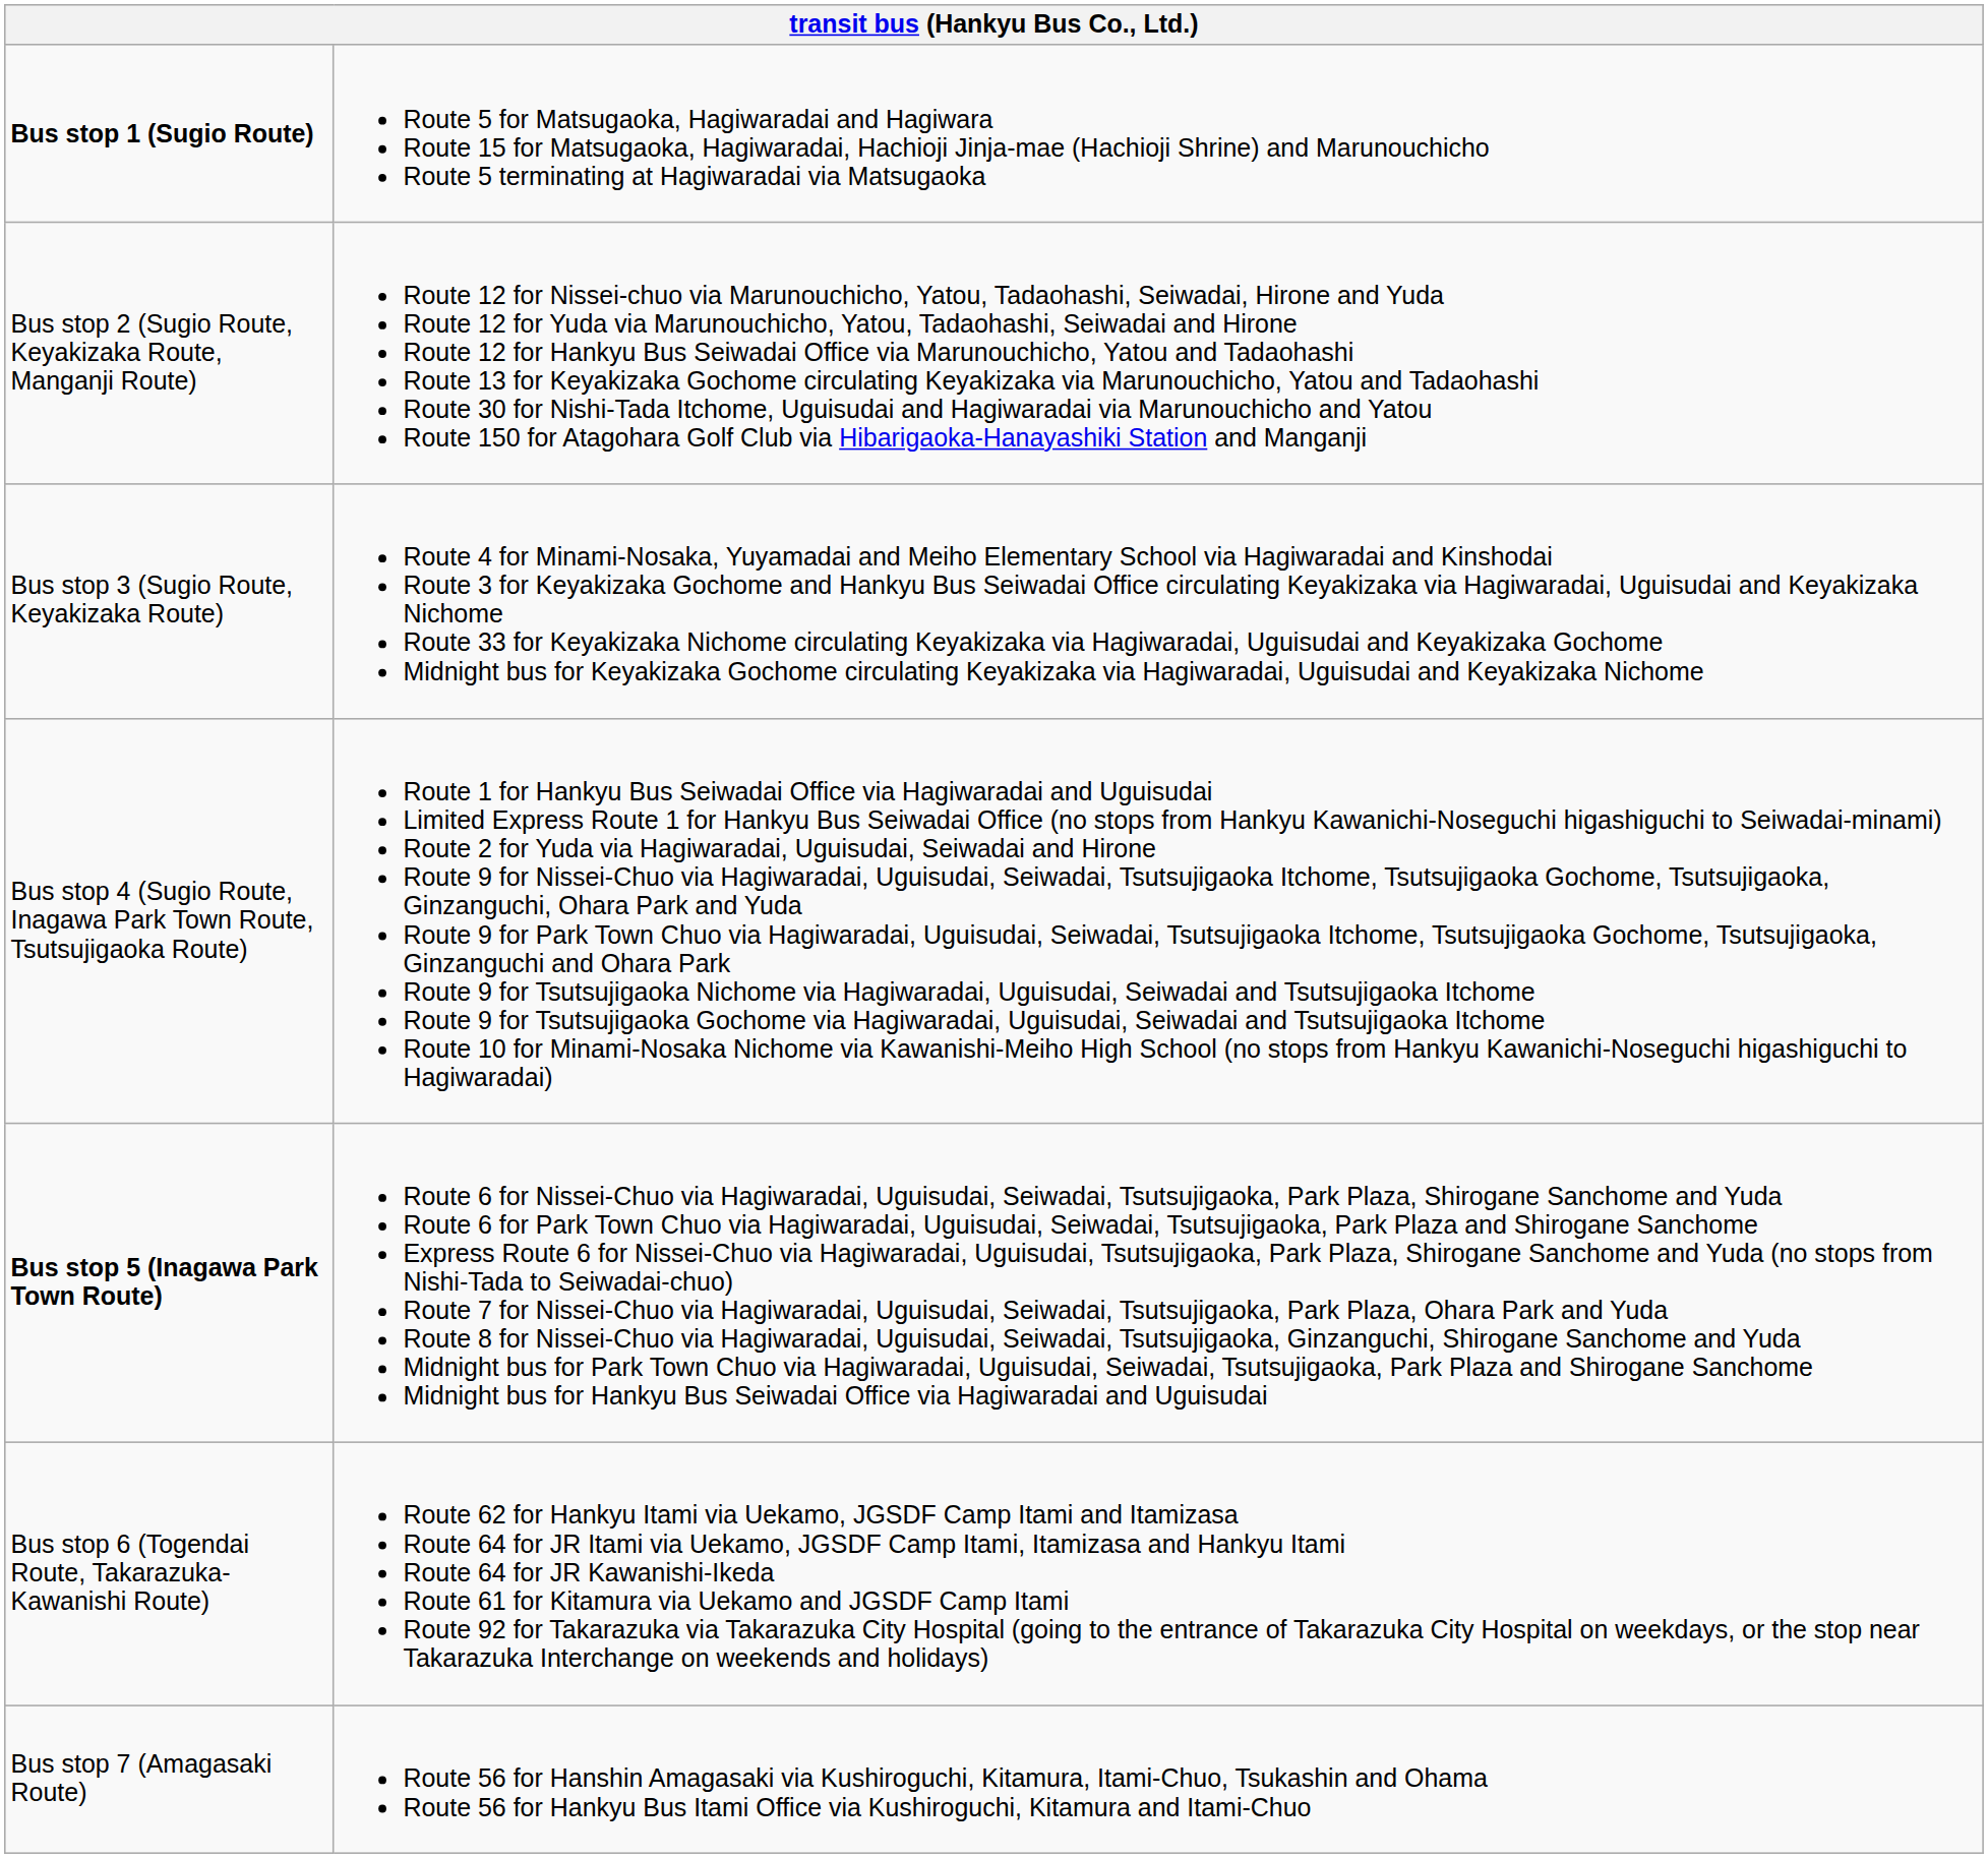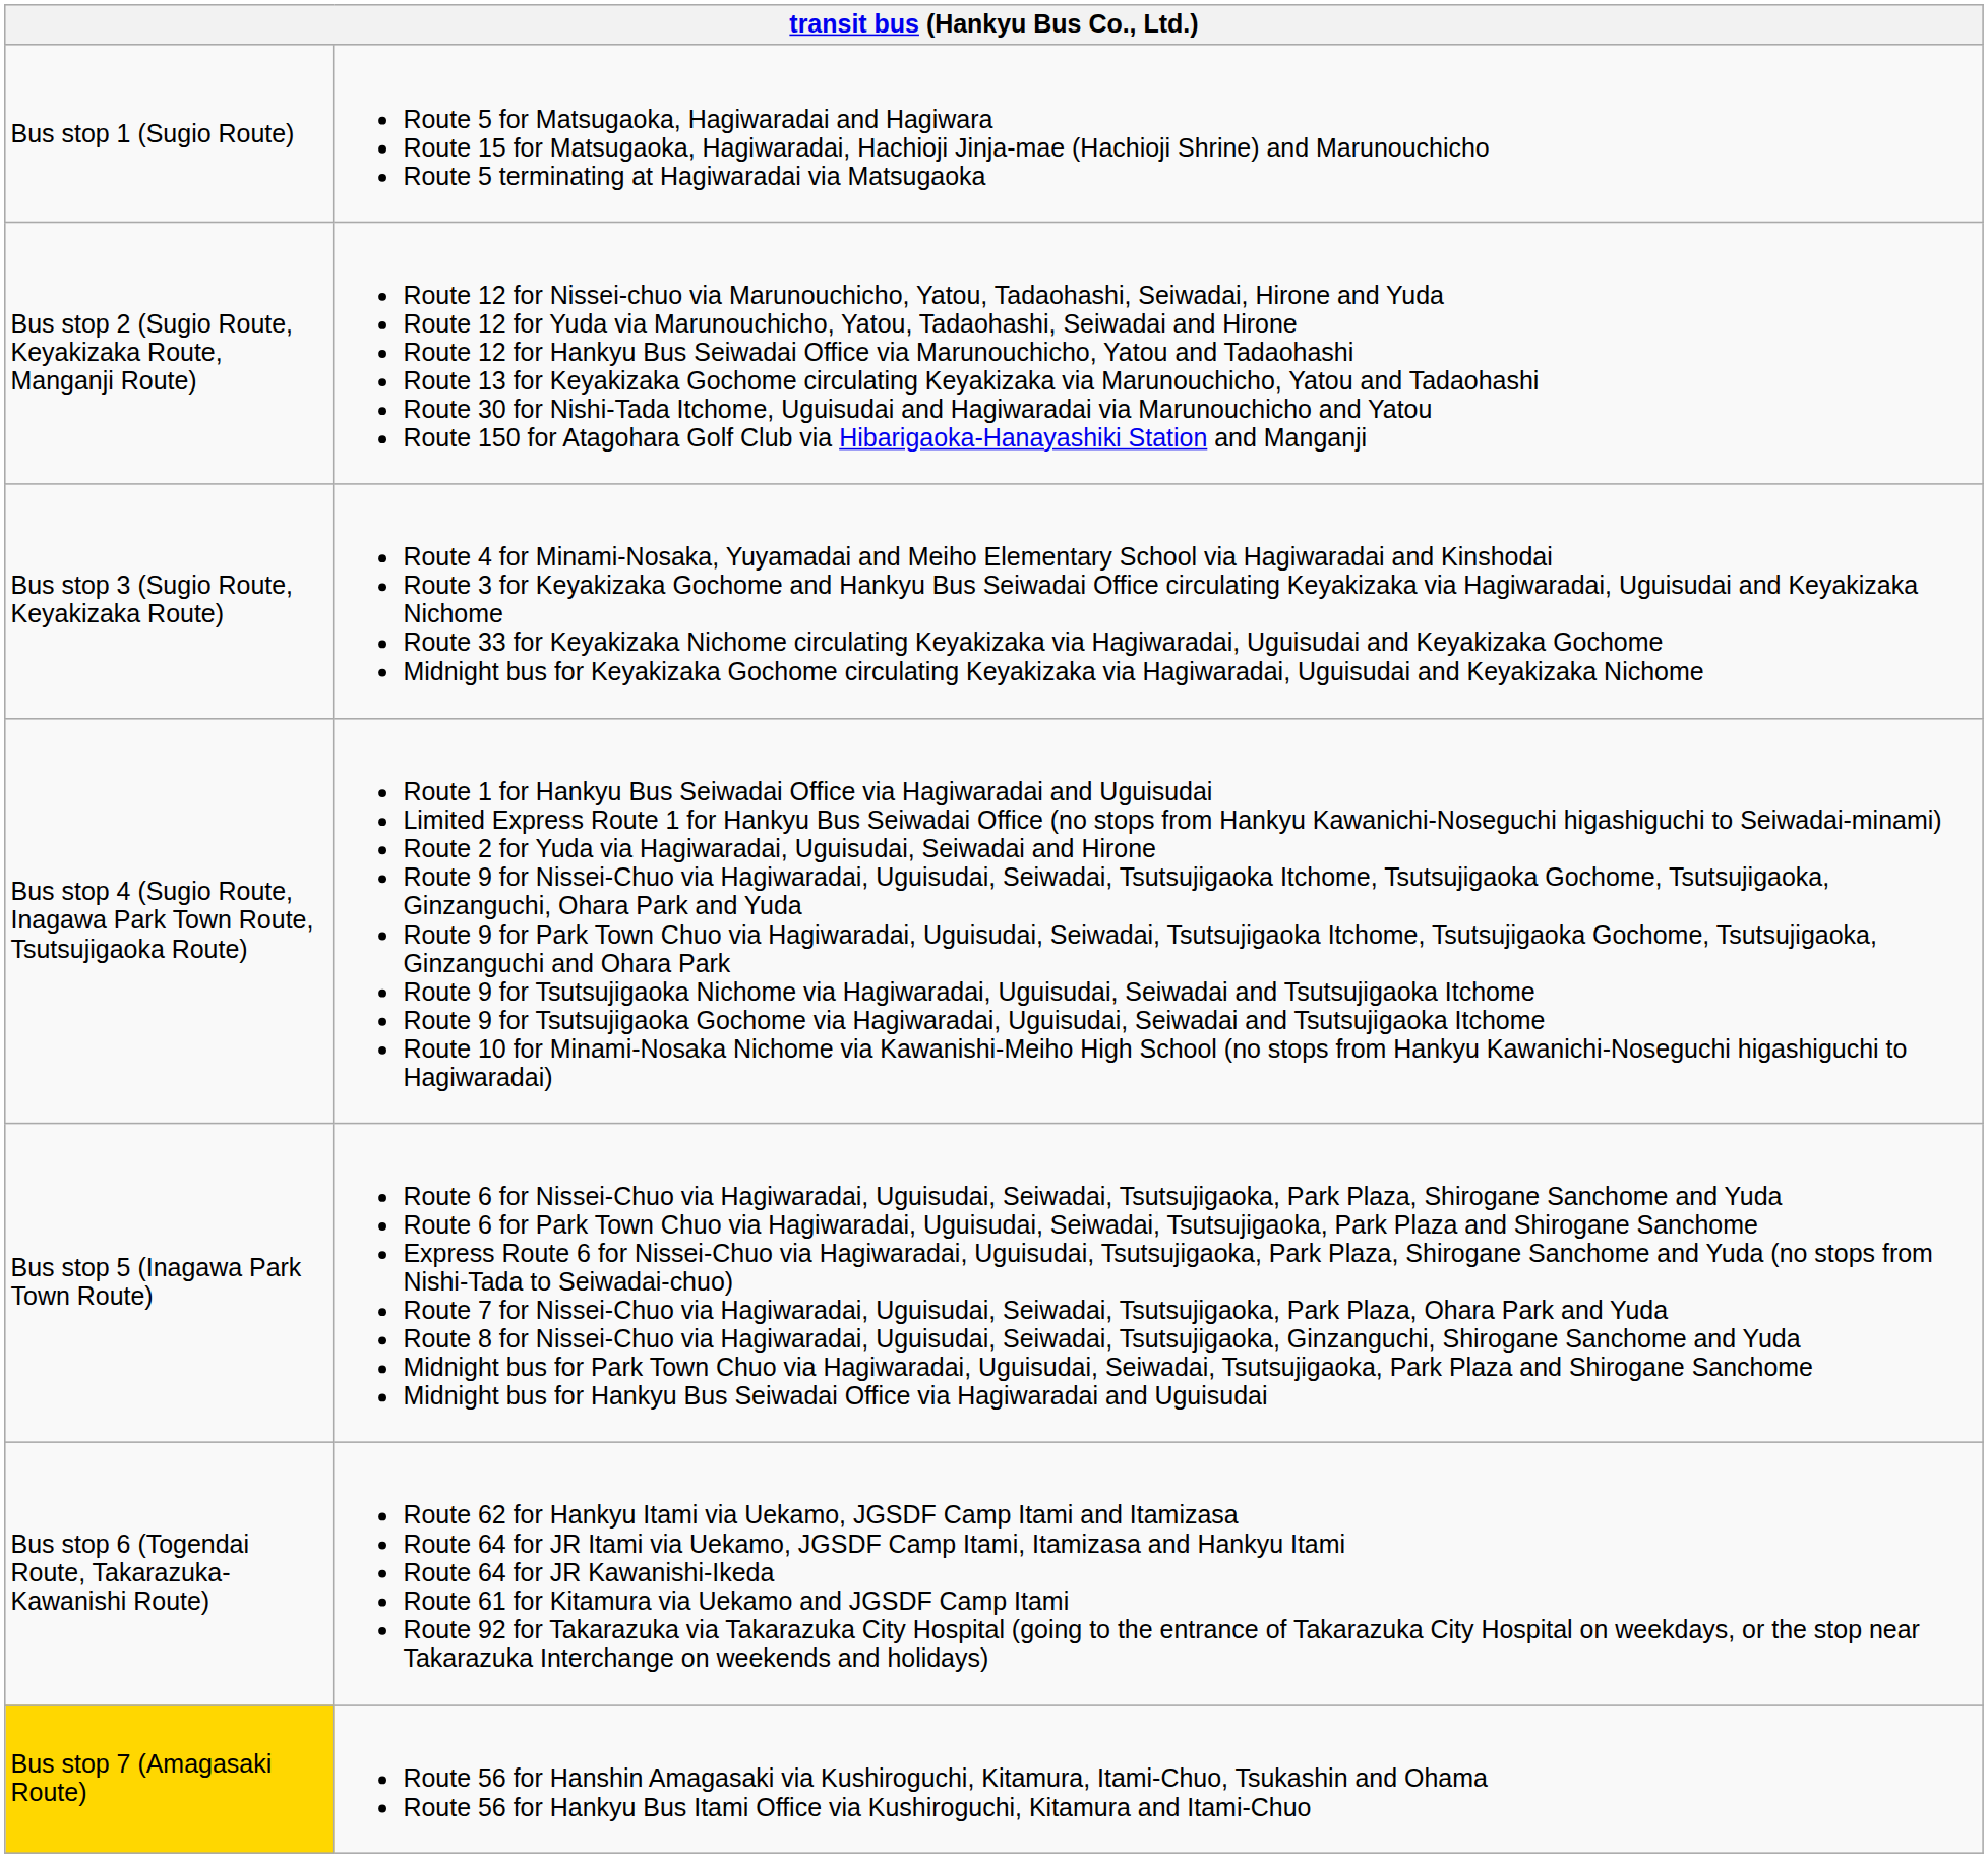 <table border=1 class=wikitable>
 <tr>
 <th colspan=2><a href='#'>transit bus</a> (Hankyu Bus Co., Ltd.)</th>
 </tr>
 <tr>
-<td width="200px"><strong>Bus stop 1 (Sugio Route)</strong></td>
+<td width="200px">Bus stop 1 (Sugio Route)</td>
 <td><br><ul><li>Route 5 for Matsugaoka, Hagiwaradai and Hagiwara</li><li>Route 15 for Matsugaoka, Hagiwaradai, Hachioji Jinja-mae (Hachioji Shrine) and Marunouchicho</li><li>Route 5 terminating at Hagiwaradai via Matsugaoka</li></ul></td>
 </tr>
 <tr>
 <td width="200px">Bus stop 2 (Sugio Route, Keyakizaka Route, Manganji Route)</td>
 <td><br><ul><li>Route 12 for Nissei-chuo via Marunouchicho, Yatou, Tadaohashi, Seiwadai, Hirone and Yuda</li><li>Route 12 for Yuda via Marunouchicho, Yatou, Tadaohashi, Seiwadai and Hirone</li><li>Route 12 for Hankyu Bus Seiwadai Office via Marunouchicho, Yatou and Tadaohashi</li><li>Route 13 for Keyakizaka Gochome circulating Keyakizaka via Marunouchicho, Yatou and Tadaohashi</li><li>Route 30 for Nishi-Tada Itchome, Uguisudai and Hagiwaradai via Marunouchicho and Yatou</li><li>Route 150 for Atagohara Golf Club via <a href='#'>Hibarigaoka-Hanayashiki Station</a> and Manganji</li></ul></td>
 </tr>
 <tr>
 <td width="200px">Bus stop 3 (Sugio Route, Keyakizaka Route)</td>
 <td><br><ul><li>Route 4 for Minami-Nosaka, Yuyamadai and Meiho Elementary School via Hagiwaradai and Kinshodai</li><li>Route 3 for Keyakizaka Gochome and Hankyu Bus Seiwadai Office circulating Keyakizaka via Hagiwaradai, Uguisudai and Keyakizaka Nichome</li><li>Route 33 for Keyakizaka Nichome circulating Keyakizaka via Hagiwaradai, Uguisudai and Keyakizaka Gochome</li><li>Midnight bus for Keyakizaka Gochome circulating Keyakizaka via Hagiwaradai, Uguisudai and Keyakizaka Nichome</li></ul></td>
 </tr>
 <tr>
 <td width="200px">Bus stop 4 (Sugio Route, Inagawa Park Town Route, Tsutsujigaoka Route)</td>
 <td><br><ul><li>Route 1 for Hankyu Bus Seiwadai Office via Hagiwaradai and Uguisudai</li><li>Limited Express Route 1 for Hankyu Bus Seiwadai Office (no stops from Hankyu Kawanichi-Noseguchi higashiguchi to Seiwadai-minami)</li><li>Route 2 for Yuda via Hagiwaradai, Uguisudai, Seiwadai and Hirone</li><li>Route 9 for Nissei-Chuo via Hagiwaradai, Uguisudai, Seiwadai, Tsutsujigaoka Itchome, Tsutsujigaoka Gochome, Tsutsujigaoka, Ginzanguchi, Ohara Park and Yuda</li><li>Route 9 for Park Town Chuo via Hagiwaradai, Uguisudai, Seiwadai, Tsutsujigaoka Itchome, Tsutsujigaoka Gochome, Tsutsujigaoka, Ginzanguchi and Ohara Park</li><li>Route 9 for Tsutsujigaoka Nichome via Hagiwaradai, Uguisudai, Seiwadai and Tsutsujigaoka Itchome</li><li>Route 9 for Tsutsujigaoka Gochome via Hagiwaradai, Uguisudai, Seiwadai and Tsutsujigaoka Itchome</li><li>Route 10 for Minami-Nosaka Nichome via Kawanishi-Meiho High School (no stops from Hankyu Kawanichi-Noseguchi higashiguchi to Hagiwaradai)</li></ul></td>
 </tr>
 <tr>
-<td width="200px"><strong>Bus stop 5 (Inagawa Park Town Route)</strong></td>
+<td width="200px">Bus stop 5 (Inagawa Park Town Route)</td>
 <td><br><ul><li>Route 6 for Nissei-Chuo via Hagiwaradai, Uguisudai, Seiwadai, Tsutsujigaoka, Park Plaza, Shirogane Sanchome and Yuda</li><li>Route 6 for Park Town Chuo via Hagiwaradai, Uguisudai, Seiwadai, Tsutsujigaoka, Park Plaza and Shirogane Sanchome</li><li>Express Route 6 for Nissei-Chuo via Hagiwaradai, Uguisudai, Tsutsujigaoka, Park Plaza, Shirogane Sanchome and Yuda (no stops from Nishi-Tada to Seiwadai-chuo)</li><li>Route 7 for Nissei-Chuo via Hagiwaradai, Uguisudai, Seiwadai, Tsutsujigaoka, Park Plaza, Ohara Park and Yuda</li><li>Route 8 for Nissei-Chuo via Hagiwaradai, Uguisudai, Seiwadai, Tsutsujigaoka, Ginzanguchi, Shirogane Sanchome and Yuda</li><li>Midnight bus for Park Town Chuo via Hagiwaradai, Uguisudai, Seiwadai, Tsutsujigaoka, Park Plaza and Shirogane Sanchome</li><li>Midnight bus for Hankyu Bus Seiwadai Office via Hagiwaradai and Uguisudai</li></ul></td>
 </tr>
 <tr>
 <td width="200px">Bus stop 6 (Togendai Route, Takarazuka-Kawanishi Route)</td>
 <td><br><ul><li>Route 62 for Hankyu Itami via Uekamo, JGSDF Camp Itami and Itamizasa</li><li>Route 64 for JR Itami via Uekamo, JGSDF Camp Itami, Itamizasa and Hankyu Itami</li><li>Route 64 for JR Kawanishi-Ikeda</li><li>Route 61 for Kitamura via Uekamo and JGSDF Camp Itami</li><li>Route 92 for Takarazuka via Takarazuka City Hospital (going to the entrance of Takarazuka City Hospital on weekdays, or the stop near Takarazuka Interchange on weekends and holidays)</li></ul></td>
 </tr>
 <tr>
-<td width="200px">Bus stop 7 (Amagasaki Route)</td>
+<td width="200px" style="background: gold;">Bus stop 7 (Amagasaki Route)</td>
 <td><br><ul><li>Route 56 for Hanshin Amagasaki via Kushiroguchi, Kitamura, Itami-Chuo, Tsukashin and Ohama</li><li>Route 56 for Hankyu Bus Itami Office via Kushiroguchi, Kitamura and Itami-Chuo</li></ul></td>
 </tr>
 </table>
